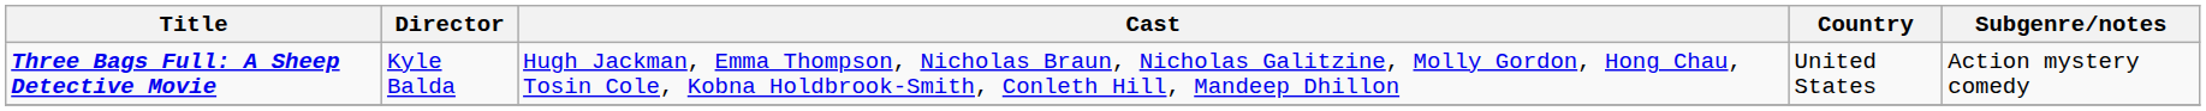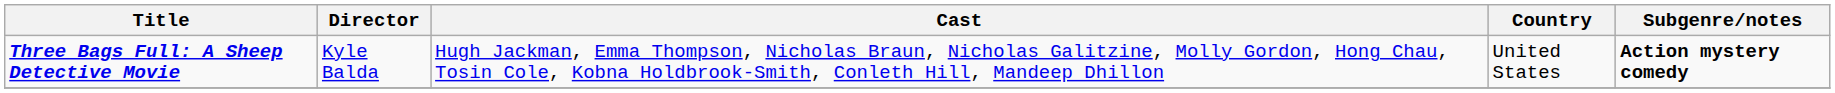 <table class="wikitable">
 <tr>
 <th>Title</th>
 <th>Director</th>
 <th>Cast</th>
 <th>Country</th>
 <th>Subgenre/notes</th>
 </tr>
 <tr>
 <td><strong><em><a href='#'>Three Bags Full: A Sheep Detective Movie</a></em></strong></td>
 <td><a href='#'>Kyle Balda</a></td>
 <td><a href='#'>Hugh Jackman</a>, <a href='#'>Emma Thompson</a>, <a href='#'>Nicholas Braun</a>, <a href='#'>Nicholas Galitzine</a>, <a href='#'>Molly Gordon</a>, <a href='#'>Hong Chau</a>, <a href='#'>Tosin Cole</a>, <a href='#'>Kobna Holdbrook-Smith</a>, <a href='#'>Conleth Hill</a>, <a href='#'>Mandeep Dhillon</a></td>
 <td>United States</td>
-<td>Action mystery comedy</td>
+<td><strong>Action mystery comedy</strong></td>
 </tr>
 <tr>
 </tr>
 </table>
